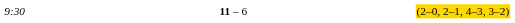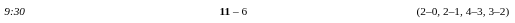 <table style="text-align:center">
 <tr>
 <th width=100></th>
 <th width=200></th>
 <th width=100></th>
 <th width=200></th>
 </tr>
 <tr>
 <td><em>9:30</em></td>
 <td align=right><strong></strong></td>
 <td><strong>11</strong> – 6</td>
 <td align=left></td>
-<td style="background: gold;">(2–0, 2–1, 4–3, 3–2)</td>
+<td>(2–0, 2–1, 4–3, 3–2)</td>
 </tr>
 </table>
